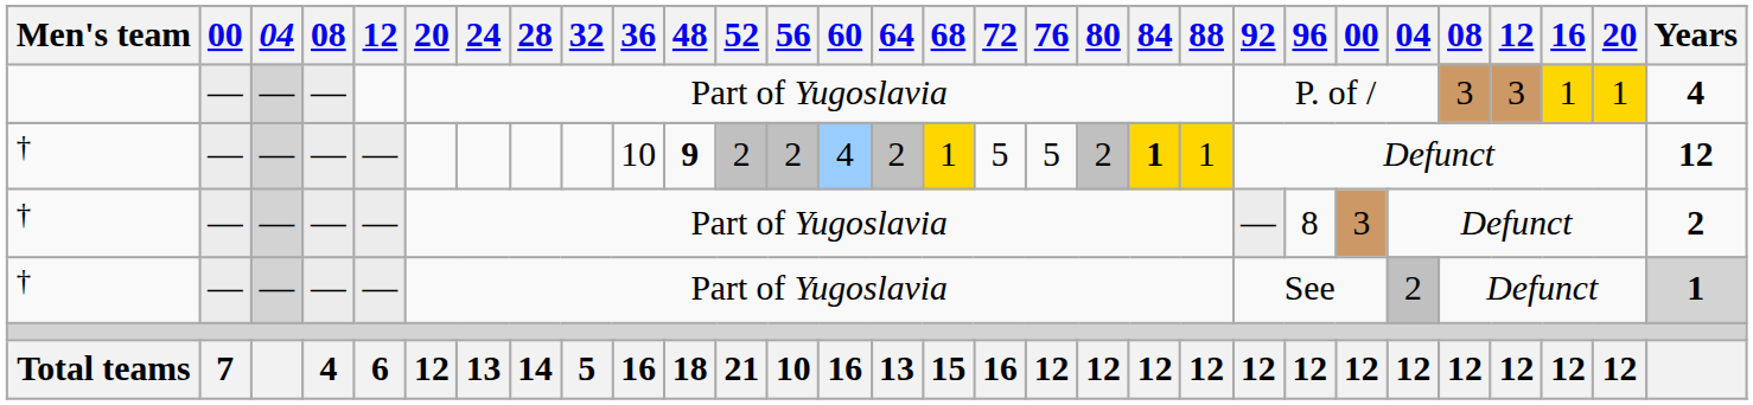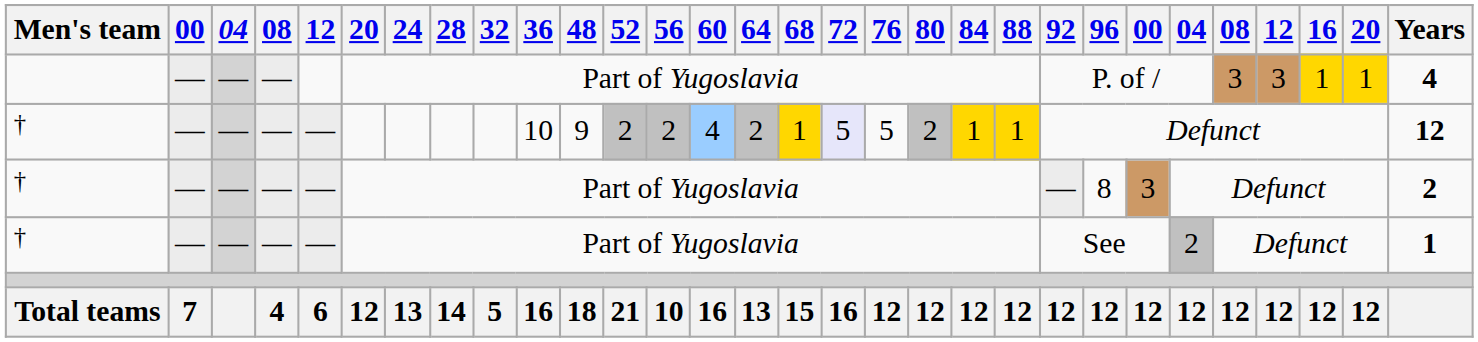 <table class="wikitable" style="text-align: center; font-size: 90%; margin-left: 1em;">
 <tr>
 <th>Men's team</th>
 <th><a href='#'>00</a></th>
 <th><em><a href='#'>04</a></em></th>
 <th><a href='#'>08</a></th>
 <th><a href='#'>12</a></th>
 <th><a href='#'>20</a></th>
 <th><a href='#'>24</a></th>
 <th><a href='#'>28</a></th>
 <th><a href='#'>32</a></th>
 <th><a href='#'>36</a></th>
 <th><a href='#'>48</a></th>
 <th><a href='#'>52</a></th>
 <th><a href='#'>56</a></th>
 <th><a href='#'>60</a></th>
 <th><a href='#'>64</a></th>
 <th><a href='#'>68</a></th>
 <th><a href='#'>72</a></th>
 <th><a href='#'>76</a></th>
 <th><a href='#'>80</a></th>
 <th><a href='#'>84</a></th>
 <th><a href='#'>88</a></th>
 <th><a href='#'>92</a></th>
 <th><a href='#'>96</a></th>
 <th><a href='#'>00</a></th>
 <th><a href='#'>04</a></th>
 <th><a href='#'>08</a></th>
 <th><a href='#'>12</a></th>
 <th><a href='#'>16</a></th>
 <th><a href='#'>20</a></th>
 <th>Years</th>
 </tr>
 <tr>
 <td style="text-align: left;"></td>
 <td style="background-color: #ececec;">—</td>
 <td style="background-color: lightgray;">—</td>
 <td style="background-color: #ececec;">—</td>
 <td></td>
 <td colspan="16">Part of <em>Yugoslavia</em></td>
 <td colspan="4">P. of <em></em> / <em></em></td>
 <td style="background-color: #cc9966;">3</td>
 <td style="background-color: #cc9966;">3</td>
 <td style="background-color: gold;">1</td>
 <td style="background-color: gold;">1</td>
 <td><strong>4</strong></td>
 </tr>
 <tr>
 <td style="text-align: left;"><em></em><sup>†</sup></td>
 <td style="background-color: #ececec;">—</td>
 <td style="background-color: lightgray;">—</td>
 <td style="background-color: #ececec;">—</td>
 <td style="background-color: #ececec;">—</td>
 <td></td>
 <td></td>
 <td></td>
 <td></td>
 <td>10</td>
-<td><strong>9</strong></td>
+<td>9</td>
 <td style="background-color: silver;">2</td>
 <td style="background-color: silver;">2</td>
 <td style="background-color: #9acdff;">4</td>
 <td style="background-color: silver;">2</td>
 <td style="background-color: gold;">1</td>
-<td>5</td>
+<td style="background: lavender;">5</td>
 <td>5</td>
 <td style="background-color: silver;">2</td>
-<td style="background-color: gold;"><strong>1</strong></td>
+<td style="background-color: gold;">1</td>
 <td style="background-color: gold;">1</td>
 <td colspan="8"><em>Defunct</em></td>
 <td><strong>12</strong></td>
 </tr>
 <tr>
 <td style="text-align: left;"><em></em><sup>†</sup></td>
 <td style="background-color: #ececec;">—</td>
 <td style="background-color: lightgray;">—</td>
 <td style="background-color: #ececec;">—</td>
 <td style="background-color: #ececec;">—</td>
 <td colspan="16">Part of <em>Yugoslavia</em></td>
 <td style="background-color: #ececec;">—</td>
 <td>8</td>
 <td style="background-color: #cc9966;">3</td>
 <td colspan="5"><em>Defunct</em></td>
 <td><strong>2</strong></td>
 </tr>
 <tr>
 <td style="text-align: left;"><em></em><sup>†</sup></td>
 <td style="background-color: #ececec;">—</td>
 <td style="background-color: lightgray;">—</td>
 <td style="background-color: #ececec;">—</td>
 <td style="background-color: #ececec;">—</td>
 <td colspan="16">Part of <em>Yugoslavia</em></td>
 <td colspan="3">See <em></em></td>
 <td style="background-color: silver;">2</td>
 <td colspan="4"><em>Defunct</em></td>
-<td style="background: lightgrey;"><strong>1</strong></td>
+<td><strong>1</strong></td>
 </tr>
 <tr style="background-color: lightgrey;">
 <td colspan="30"></td>
 </tr>
 <tr>
 <th>Total teams</th>
 <th>7</th>
 <th></th>
 <th>4</th>
 <th>6</th>
 <th>12</th>
 <th>13</th>
 <th>14</th>
 <th>5</th>
 <th>16</th>
 <th>18</th>
 <th>21</th>
 <th>10</th>
 <th>16</th>
 <th>13</th>
 <th>15</th>
 <th>16</th>
 <th>12</th>
 <th>12</th>
 <th>12</th>
 <th>12</th>
 <th>12</th>
 <th>12</th>
 <th>12</th>
 <th>12</th>
 <th>12</th>
 <th>12</th>
 <th>12</th>
 <th>12</th>
 <th></th>
 </tr>
 </table>
